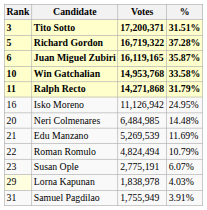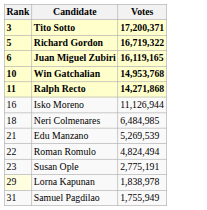 <table class="wikitable">
 <tr>
 <th>Rank</th>
 <th>Candidate</th>
 <th>Votes</th>
-<th>%</th>
 </tr>
 <tr style="background: #FFFFCC; font-weight:bold;">
 <td>3</td>
 <td>Tito Sotto</td>
 <td>17,200,371</td>
-<td>31.51%</td>
 </tr>
 <tr style="background: #FFFFCC; font-weight:bold;">
 <td>5</td>
 <td>Richard Gordon</td>
 <td>16,719,322</td>
-<td>37.28%</td>
 </tr>
 <tr style="background: #FFFFCC; font-weight:bold;">
 <td>6</td>
 <td>Juan Miguel Zubiri</td>
 <td>16,119,165</td>
-<td>35.87%</td>
 </tr>
 <tr style="background: #FFFFCC; font-weight:bold;">
 <td>10</td>
 <td>Win Gatchalian</td>
 <td>14,953,768</td>
-<td>33.58%</td>
 </tr>
 <tr style="background: #FFFFCC; font-weight:bold">
 <td>11</td>
 <td>Ralph Recto</td>
 <td>14,271,868</td>
-<td>31.79%</td>
 </tr>
 <tr>
 <td>16</td>
 <td>Isko Moreno</td>
-<td>11,126,942</td>
-<td>24.95%</td>
+<td>11,126,944</td>
 </tr>
 <tr>
-<td>20</td>
+<td>18</td>
 <td>Neri Colmenares</td>
 <td>6,484,985</td>
-<td>14.48%</td>
 </tr>
 <tr>
 <td>21</td>
 <td>Edu Manzano</td>
 <td>5,269,539</td>
-<td>11.69%</td>
 </tr>
 <tr>
 <td>22</td>
 <td>Roman Romulo</td>
 <td>4,824,494</td>
-<td>10.79%</td>
 </tr>
 <tr>
 <td>23</td>
 <td>Susan Ople</td>
 <td>2,775,191</td>
-<td>6.07%</td>
 </tr>
 <tr>
 <td style="background: lightyellow;">29</td>
 <td>Lorna Kapunan</td>
 <td>1,838,978</td>
-<td>4.03%</td>
 </tr>
 <tr>
 <td>31</td>
 <td>Samuel Pagdilao</td>
 <td>1,755,949</td>
-<td>3.91%</td>
 </tr>
 </table>
